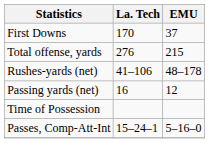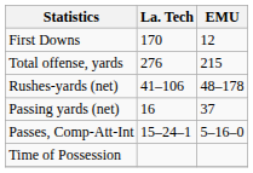 <table class="wikitable">
 <tr>
 <th>Statistics</th>
 <th>La. Tech</th>
 <th>EMU</th>
 </tr>
 <tr>
 <td>First Downs</td>
 <td>170</td>
-<td>37</td>
+<td>12</td>
 </tr>
 <tr>
 <td>Total offense, yards</td>
 <td>276</td>
 <td>215</td>
 </tr>
 <tr>
 <td>Rushes-yards (net)</td>
 <td>41–106</td>
 <td>48–178</td>
 </tr>
 <tr>
 <td>Passing yards (net)</td>
 <td>16</td>
-<td>12</td>
+<td>37</td>
+</tr>
+<tr>
+<td>Passes, Comp-Att-Int</td>
+<td>15–24–1</td>
+<td>5–16–0</td>
 </tr>
 <tr>
 <td>Time of Possession</td>
 <td></td>
 <td></td>
 </tr>
 <tr>
-<td>Passes, Comp-Att-Int</td>
-<td>15–24–1</td>
-<td>5–16–0</td>
-</tr>
-<tr>
 </tr>
 </table>
